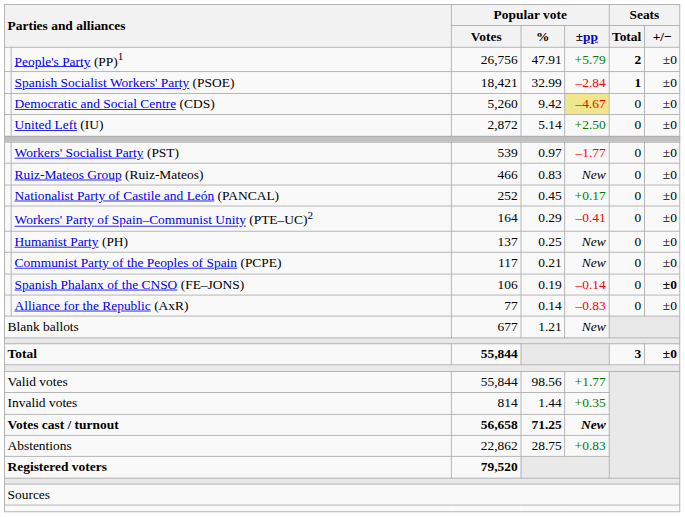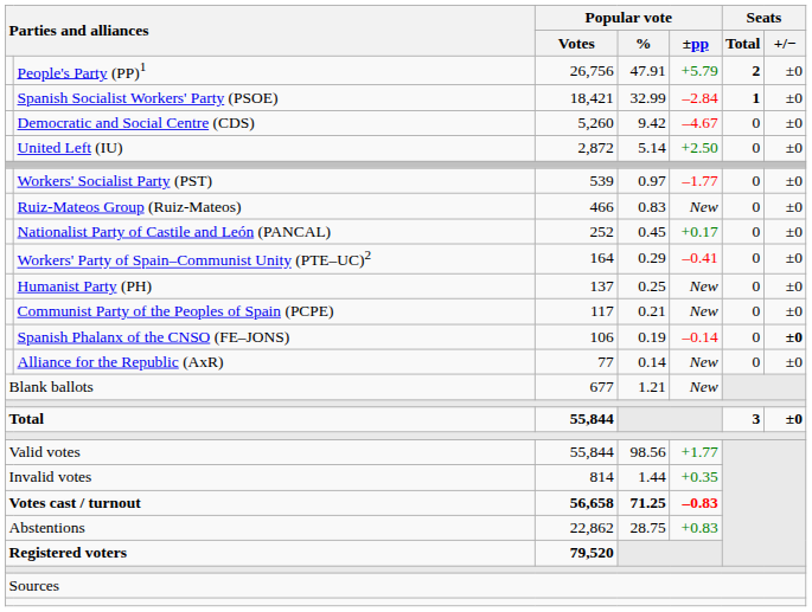 <table class="wikitable" style="text-align:right;">
 <tr>
 <th style="text-align:left;" rowspan="2" colspan="2" width="525">Parties and alliances</th>
 <th colspan="3">Popular vote</th>
 <th colspan="2">Seats</th>
 </tr>
 <tr>
 <th width="75">Votes</th>
 <th width="45">%</th>
 <th width="45">±<a href='#'>pp</a></th>
 <th width="35">Total</th>
 <th width="35">+/−</th>
 </tr>
 <tr>
 <td width="1" style="color:inherit;background:"></td>
 <td align="left"><a href='#'>People's Party</a> (PP)<sup>1</sup></td>
 <td>26,756</td>
 <td>47.91</td>
 <td style="color:green;">+5.79</td>
 <td><strong>2</strong></td>
 <td>±0</td>
 </tr>
 <tr>
 <td style="color:inherit;background:"></td>
 <td align="left"><a href='#'>Spanish Socialist Workers' Party</a> (PSOE)</td>
 <td>18,421</td>
 <td>32.99</td>
 <td style="color:red;">–2.84</td>
 <td><strong>1</strong></td>
 <td>±0</td>
 </tr>
 <tr>
 <td style="color:inherit;background:"></td>
 <td align="left"><a href='#'>Democratic and Social Centre</a> (CDS)</td>
 <td>5,260</td>
 <td>9.42</td>
-<td style="background: khaki; color:red;">–4.67</td>
+<td style="color:red;">–4.67</td>
 <td>0</td>
 <td>±0</td>
 </tr>
 <tr>
 <td style="color:inherit;background:"></td>
 <td align="left"><a href='#'>United Left</a> (IU)</td>
 <td>2,872</td>
 <td>5.14</td>
 <td style="color:green;">+2.50</td>
 <td>0</td>
 <td>±0</td>
 </tr>
 <tr>
 <td colspan="7" bgcolor="#C0C0C0"></td>
 </tr>
 <tr>
 <td style="color:inherit;background:"></td>
 <td align="left"><a href='#'>Workers' Socialist Party</a> (PST)</td>
 <td>539</td>
 <td>0.97</td>
 <td style="color:red;">–1.77</td>
 <td>0</td>
 <td>±0</td>
 </tr>
 <tr>
 <td style="color:inherit;background:"></td>
 <td align="left"><a href='#'>Ruiz-Mateos Group</a> (Ruiz-Mateos)</td>
 <td>466</td>
 <td>0.83</td>
 <td><em>New</em></td>
 <td>0</td>
 <td>±0</td>
 </tr>
 <tr>
 <td style="color:inherit;background:"></td>
 <td align="left"><a href='#'>Nationalist Party of Castile and León</a> (PANCAL)</td>
 <td>252</td>
 <td>0.45</td>
 <td style="color:green;">+0.17</td>
 <td>0</td>
 <td>±0</td>
 </tr>
 <tr>
 <td style="color:inherit;background:"></td>
 <td align="left"><a href='#'>Workers' Party of Spain–Communist Unity</a> (PTE–UC)<sup>2</sup></td>
 <td>164</td>
 <td>0.29</td>
 <td style="color:red;">–0.41</td>
 <td>0</td>
 <td>±0</td>
 </tr>
 <tr>
 <td style="color:inherit;background:"></td>
 <td align="left"><a href='#'>Humanist Party</a> (PH)</td>
 <td>137</td>
 <td>0.25</td>
 <td><em>New</em></td>
 <td>0</td>
 <td>±0</td>
 </tr>
 <tr>
 <td style="color:inherit;background:"></td>
 <td align="left"><a href='#'>Communist Party of the Peoples of Spain</a> (PCPE)</td>
 <td>117</td>
 <td>0.21</td>
 <td><em>New</em></td>
 <td>0</td>
 <td>±0</td>
 </tr>
 <tr>
 <td style="color:inherit;background:"></td>
 <td align="left"><a href='#'>Spanish Phalanx of the CNSO</a> (FE–JONS)</td>
 <td>106</td>
 <td>0.19</td>
 <td style="color:red;">–0.14</td>
 <td>0</td>
 <td><strong>±0</strong></td>
 </tr>
 <tr>
 <td style="color:inherit;background:"></td>
 <td align="left"><a href='#'>Alliance for the Republic</a> (AxR)</td>
 <td>77</td>
 <td>0.14</td>
-<td style="color:red;">–0.83</td>
+<td><em>New</em></td>
 <td>0</td>
 <td>±0</td>
 </tr>
 <tr>
 <td align="left" colspan="2">Blank ballots</td>
 <td>677</td>
 <td>1.21</td>
 <td><em>New</em></td>
 <td bgcolor="#E9E9E9" colspan="2"></td>
 </tr>
 <tr>
 <td colspan="7" bgcolor="#E9E9E9"></td>
 </tr>
 <tr style="font-weight:bold;">
 <td align="left" colspan="2">Total</td>
 <td>55,844</td>
 <td bgcolor="#E9E9E9" colspan="2"></td>
 <td>3</td>
 <td>±0</td>
 </tr>
 <tr>
 <td colspan="7" bgcolor="#E9E9E9"></td>
 </tr>
 <tr>
 <td align="left" colspan="2">Valid votes</td>
 <td>55,844</td>
 <td>98.56</td>
 <td style="color:green;">+1.77</td>
 <td bgcolor="#E9E9E9" colspan="2" rowspan="5"></td>
 </tr>
 <tr>
 <td align="left" colspan="2">Invalid votes</td>
 <td>814</td>
 <td>1.44</td>
 <td style="color:green;">+0.35</td>
 </tr>
 <tr style="font-weight:bold;">
 <td align="left" colspan="2">Votes cast / turnout</td>
 <td>56,658</td>
 <td>71.25</td>
-<td><em>New</em></td>
+<td style="color:red;">–0.83</td>
 </tr>
 <tr>
 <td align="left" colspan="2">Abstentions</td>
 <td>22,862</td>
 <td>28.75</td>
 <td style="color:green;">+0.83</td>
 </tr>
 <tr style="font-weight:bold;">
 <td align="left" colspan="2">Registered voters</td>
 <td>79,520</td>
 <td bgcolor="#E9E9E9" colspan="2"></td>
 </tr>
 <tr>
 <td colspan="7" bgcolor="#E9E9E9"></td>
 </tr>
 <tr>
 <td align="left" colspan="7">Sources</td>
 </tr>
 <tr>
 <td colspan="7" style="text-align:left; max-width:790px;"></td>
 </tr>
 </table>
